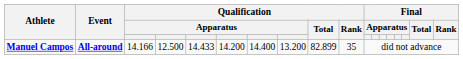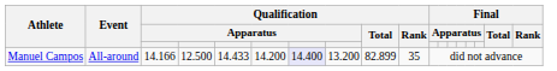 <table class="wikitable" style="font-size:90%">
 <tr>
 <th rowspan=3>Athlete</th>
 <th rowspan=3>Event</th>
 <th colspan =8>Qualification</th>
 <th colspan =8>Final</th>
 </tr>
 <tr style="font-size:95%">
 <th colspan=6>Apparatus</th>
 <th rowspan=2>Total</th>
 <th rowspan=2>Rank</th>
 <th colspan=6>Apparatus</th>
 <th rowspan=2>Total</th>
 <th rowspan=2>Rank</th>
 </tr>
 <tr style="font-size:95%">
 <th></th>
 <th></th>
 <th></th>
 <th></th>
 <th></th>
 <th></th>
 <th></th>
 <th></th>
 <th></th>
 <th></th>
 <th></th>
 <th></th>
 </tr>
 <tr align=center>
-<td align=left><strong><a href='#'>Manuel Campos</a></strong></td>
-<td align=left><strong><a href='#'>All-around</a></strong></td>
+<td align=left><a href='#'>Manuel Campos</a></td>
+<td align=left><a href='#'>All-around</a></td>
 <td>14.166</td>
 <td>12.500</td>
 <td>14.433</td>
 <td>14.200</td>
-<td>14.400</td>
+<td style="background: lavender;">14.400</td>
 <td>13.200</td>
 <td>82.899</td>
 <td>35</td>
 <td colspan=8>did not advance</td>
 </tr>
 </table>
